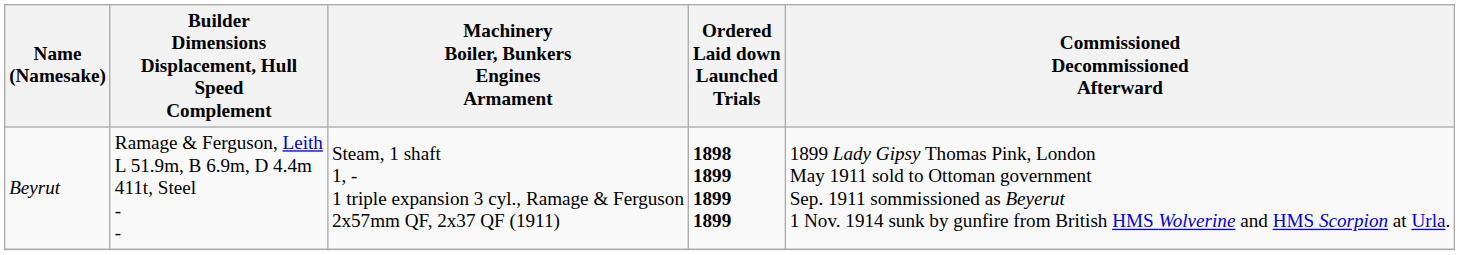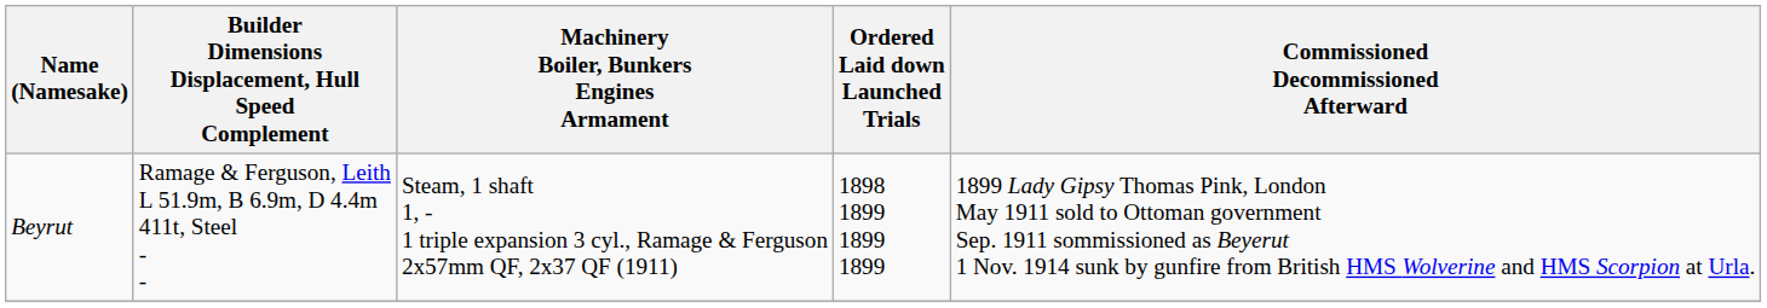 <table class="wikitable" style="font-size:90%;">
 <tr bgcolor="#e6e9ff">
 <th>Name<br>(Namesake)</th>
 <th>Builder<br>Dimensions<br>Displacement, Hull<br>Speed<br>Complement</th>
 <th>Machinery<br>Boiler, Bunkers<br>Engines<br>Armament</th>
 <th>Ordered<br>Laid down<br>Launched<br>Trials</th>
 <th>Commissioned<br>Decommissioned<br>Afterward</th>
 </tr>
 <tr ---->
 <td><em>Beyrut</em></td>
 <td> Ramage & Ferguson, <a href='#'>Leith</a><br>L 51.9m, B 6.9m, D 4.4m<br>411t, Steel<br>-<br>-</td>
 <td>Steam, 1 shaft<br>1, -<br>1 triple expansion 3 cyl., Ramage & Ferguson<br>2x57mm QF, 2x37 QF (1911)</td>
-<td><strong>1898<br>1899<br>1899<br>1899</strong></td>
+<td>1898<br>1899<br>1899<br>1899</td>
 <td>1899 <em>Lady Gipsy</em> Thomas Pink, London<br>May 1911 sold to Ottoman government<br>Sep. 1911 sommissioned as <em>Beyerut</em><br>1 Nov. 1914 sunk by gunfire from British <a href='#'>HMS <em>Wolverine</em></a> and <a href='#'>HMS <em>Scorpion</em></a> at <a href='#'>Urla</a>.</td>
 </tr>
 <tr ---->
 </tr>
 </table>
